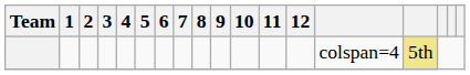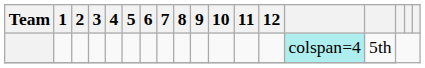 <table class="wikitable" style="font-size:85%; text-align:center;">
 <tr>
 <th>Team</th>
 <th>1</th>
 <th>2</th>
 <th>3</th>
 <th>4</th>
 <th>5</th>
 <th>6</th>
 <th>7</th>
 <th>8</th>
 <th>9</th>
 <th>10</th>
 <th>11</th>
 <th>12</th>
 <th></th>
 <th></th>
 <th></th>
 <th></th>
 <th></th>
 </tr>
 <tr>
 <th align="left"></th>
 <td></td>
 <td></td>
 <td></td>
 <td></td>
 <td></td>
 <td></td>
 <td></td>
 <td></td>
 <td></td>
 <td></td>
 <td></td>
 <td></td>
-<td>colspan=4 </td>
-<td style="background: khaki;">5th</td>
+<td style="background: paleturquoise;">colspan=4 </td>
+<td>5th</td>
 </tr>
 <tr>
 </tr>
 </table>
